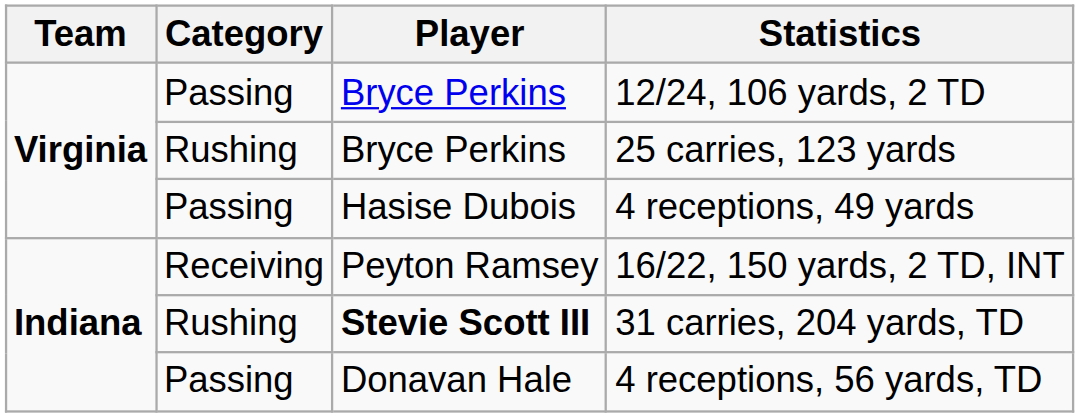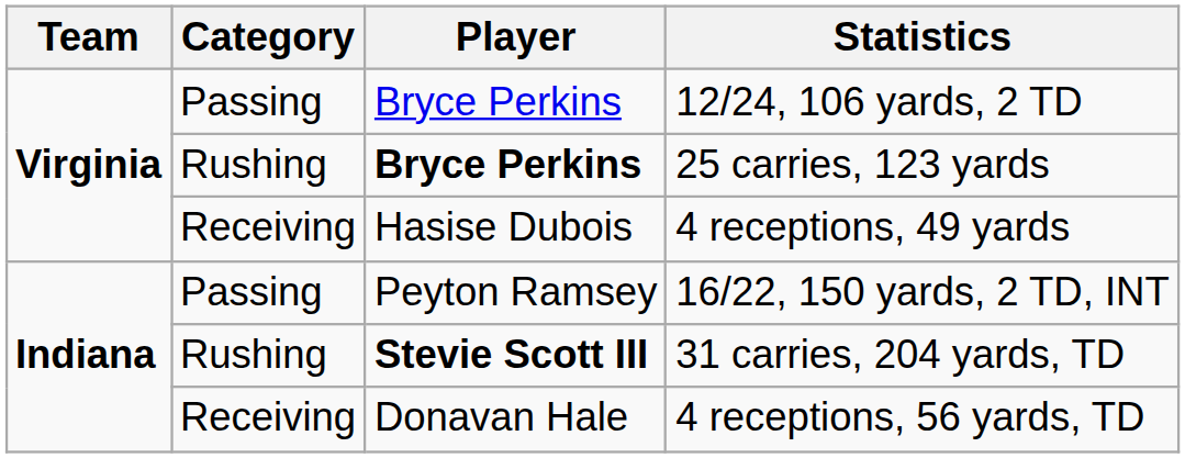 <table class="wikitable" style="float: right;">
 <tr>
 <th>Team</th>
 <th>Category</th>
 <th>Player</th>
 <th>Statistics</th>
 </tr>
 <tr>
 <td rowspan=3><strong>Virginia</strong></td>
 <td>Passing</td>
 <td><a href='#'>Bryce Perkins</a></td>
 <td>12/24, 106 yards, 2 TD</td>
 </tr>
 <tr>
 <td>Rushing</td>
-<td>Bryce Perkins</td>
+<td><strong>Bryce Perkins</strong></td>
 <td>25 carries, 123 yards</td>
 </tr>
 <tr>
-<td>Passing</td>
+<td>Receiving</td>
 <td>Hasise Dubois</td>
 <td>4 receptions, 49 yards</td>
 </tr>
 <tr>
 <td rowspan=3><strong>Indiana</strong></td>
-<td>Receiving</td>
+<td>Passing</td>
 <td>Peyton Ramsey</td>
 <td>16/22, 150 yards, 2 TD, INT</td>
 </tr>
 <tr>
 <td>Rushing</td>
 <td><strong>Stevie Scott III</strong></td>
 <td>31 carries, 204 yards, TD</td>
 </tr>
 <tr>
-<td>Passing</td>
+<td>Receiving</td>
 <td>Donavan Hale</td>
 <td>4 receptions, 56 yards, TD</td>
 </tr>
 </table>
